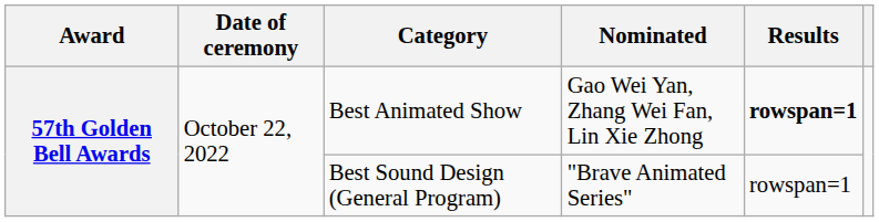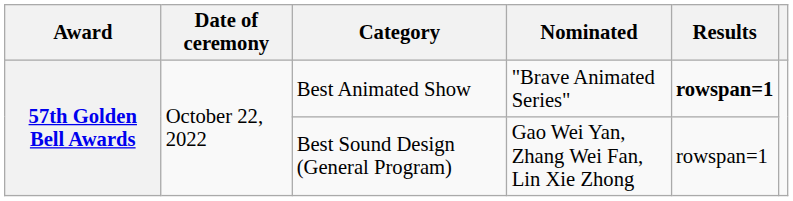 <table class="wikitable">
 <tr>
 <th scope="col">Award</th>
 <th scope="col">Date of ceremony</th>
 <th scope="col">Category</th>
 <th scope="col">Nominated</th>
 <th scope="col">Results</th>
 <th class="unsortable" scope="col"></th>
 </tr>
 <tr>
 <th rowspan="2" scope="row" style="text-align:center;"><a href='#'>57th Golden Bell Awards</a></th>
 <td rowspan="2">October 22, 2022</td>
 <td>Best Animated Show</td>
-<td>Gao Wei Yan,<br>Zhang Wei Fan,<br>Lin Xie Zhong</td>
+<td>"Brave Animated Series"</td>
 <td><strong>rowspan=1 </strong></td>
 <td rowspan="2"></td>
 </tr>
 <tr>
 <td>Best Sound Design (General Program)</td>
-<td>"Brave Animated Series"</td>
+<td>Gao Wei Yan,<br>Zhang Wei Fan,<br>Lin Xie Zhong</td>
 <td>rowspan=1 </td>
 </tr>
 </table>
